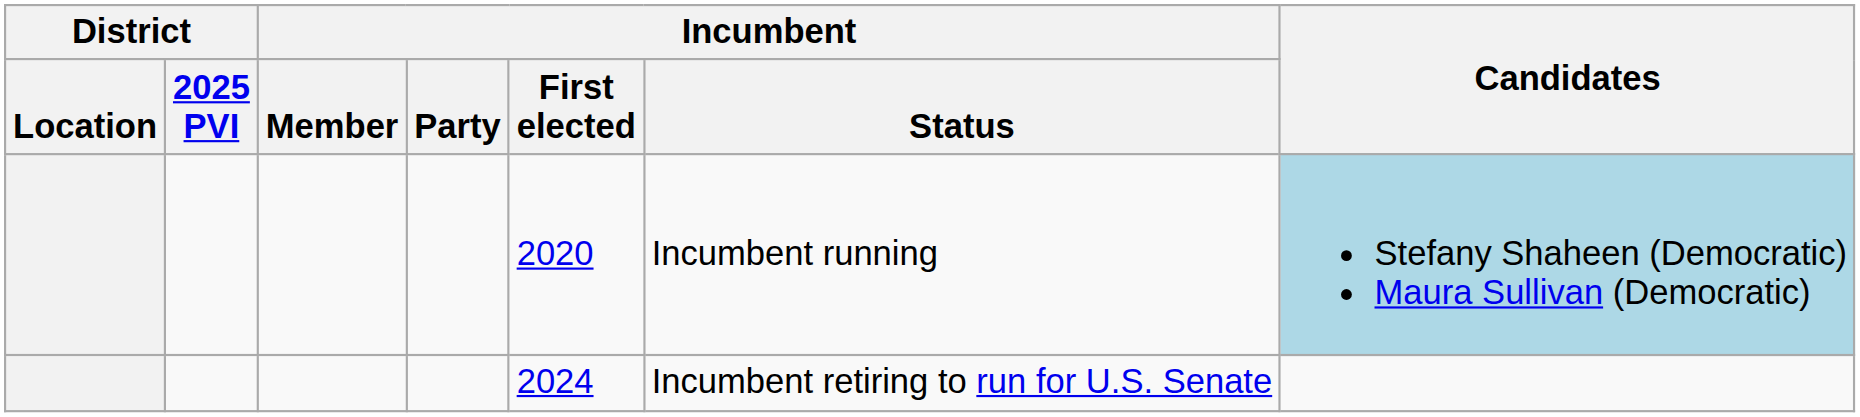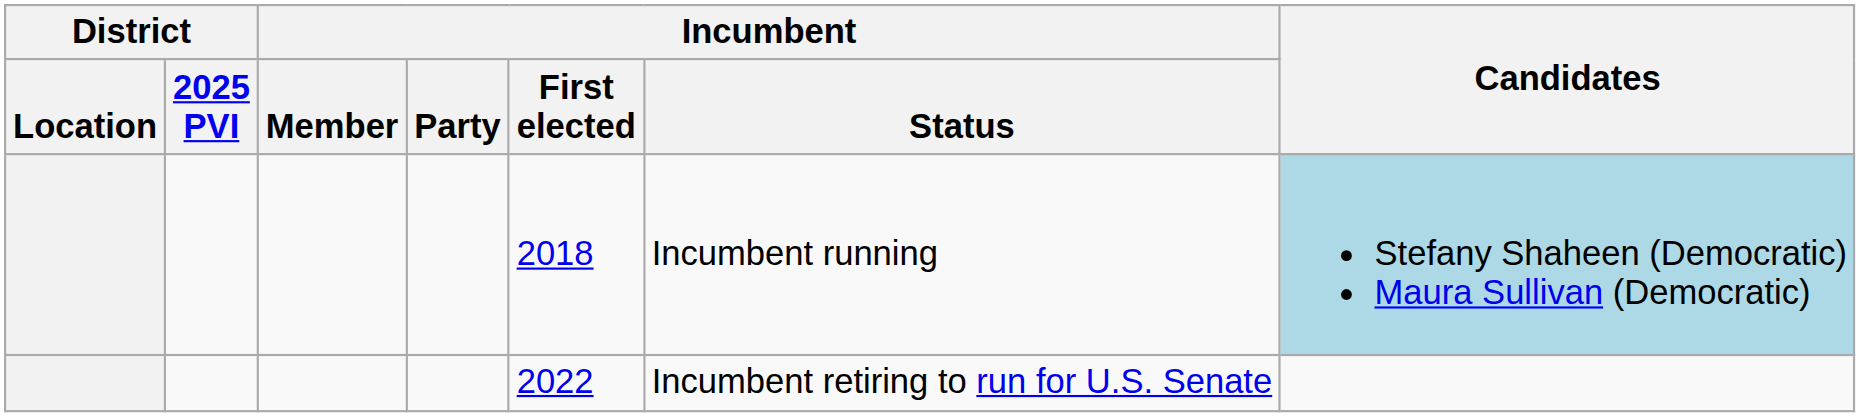 <table class="wikitable sortable">
 <tr>
 <th colspan=2>District</th>
 <th colspan=4>Incumbent</th>
 <th rowspan=2 class="unsortable">Candidates</th>
 </tr>
 <tr valign=bottom>
 <th>Location</th>
 <th><a href='#'>2025<br>PVI</a></th>
 <th>Member</th>
 <th>Party</th>
 <th>First<br>elected</th>
 <th>Status</th>
 </tr>
 <tr>
 <th></th>
 <td></td>
 <td></td>
 <td></td>
-<td><a href='#'>2020</a></td>
+<td><a href='#'>2018</a></td>
 <td>Incumbent running</td>
 <td style="background: lightblue;"><br><ul><li>Stefany Shaheen (Democratic)</li><li><a href='#'>Maura Sullivan</a> (Democratic)</li></ul></td>
 </tr>
 <tr>
 <th></th>
 <td></td>
 <td></td>
 <td></td>
-<td><a href='#'>2024</a></td>
+<td><a href='#'>2022</a></td>
 <td>Incumbent retiring to <a href='#'>run for U.S. Senate</a></td>
 <td></td>
 </tr>
 </table>
